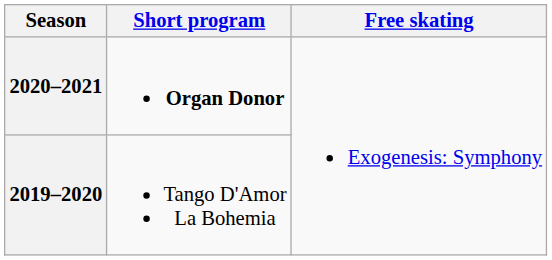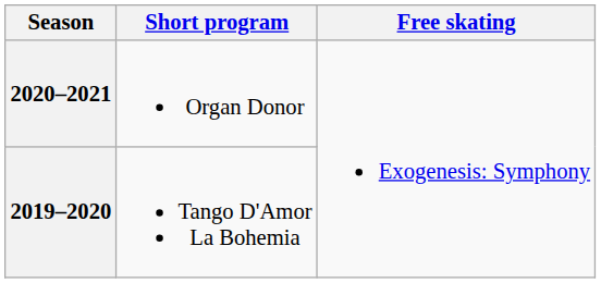 <table class=wikitable style=text-align:center>
 <tr>
 <th>Season</th>
 <th><a href='#'>Short program</a></th>
 <th><a href='#'>Free skating</a></th>
 </tr>
 <tr>
 <th>2020–2021<br></th>
-<td><strong><br><ul><li>Organ Donor<br></li></ul></strong></td>
+<td><br><ul><li>Organ Donor<br></li></ul></td>
 <td rowspan=2><br><ul><li><a href='#'>Exogenesis: Symphony</a><br></li></ul></td>
 </tr>
 <tr>
 <th>2019–2020<br></th>
 <td><br><ul><li>Tango D'Amor<br></li><li>La Bohemia<br></li></ul></td>
 </tr>
 </table>
